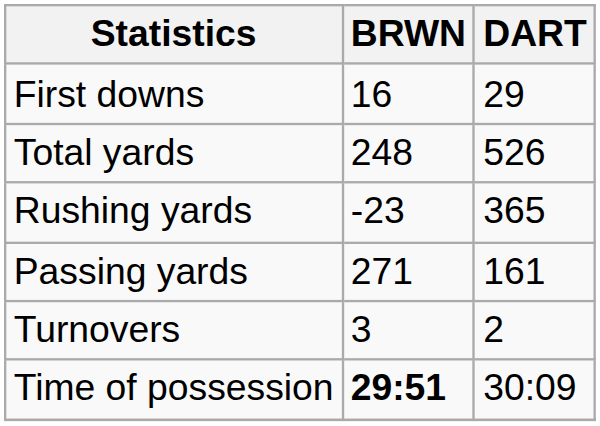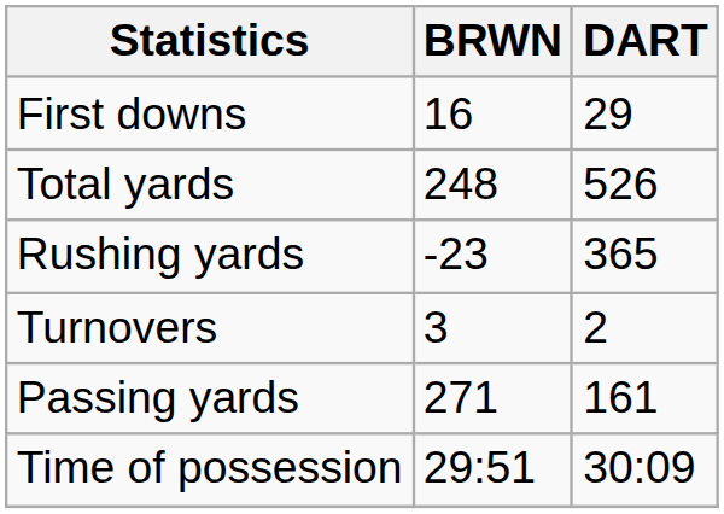 <table class="wikitable">
 <tr>
 <th>Statistics</th>
 <th>BRWN</th>
 <th>DART</th>
 </tr>
 <tr>
 <td>First downs</td>
 <td>16</td>
 <td>29</td>
 </tr>
 <tr>
 <td>Total yards</td>
 <td>248</td>
 <td>526</td>
 </tr>
 <tr>
 <td>Rushing yards</td>
 <td>-23</td>
 <td>365</td>
 </tr>
 <tr>
+<td>Turnovers</td>
+<td>3</td>
+<td>2</td>
+</tr>
+<tr>
 <td>Passing yards</td>
 <td>271</td>
 <td>161</td>
 </tr>
 <tr>
-<td>Turnovers</td>
-<td>3</td>
-<td>2</td>
-</tr>
-<tr>
 <td>Time of possession</td>
-<td><strong>29:51</strong></td>
+<td>29:51</td>
 <td>30:09</td>
 </tr>
 <tr>
 </tr>
 </table>
